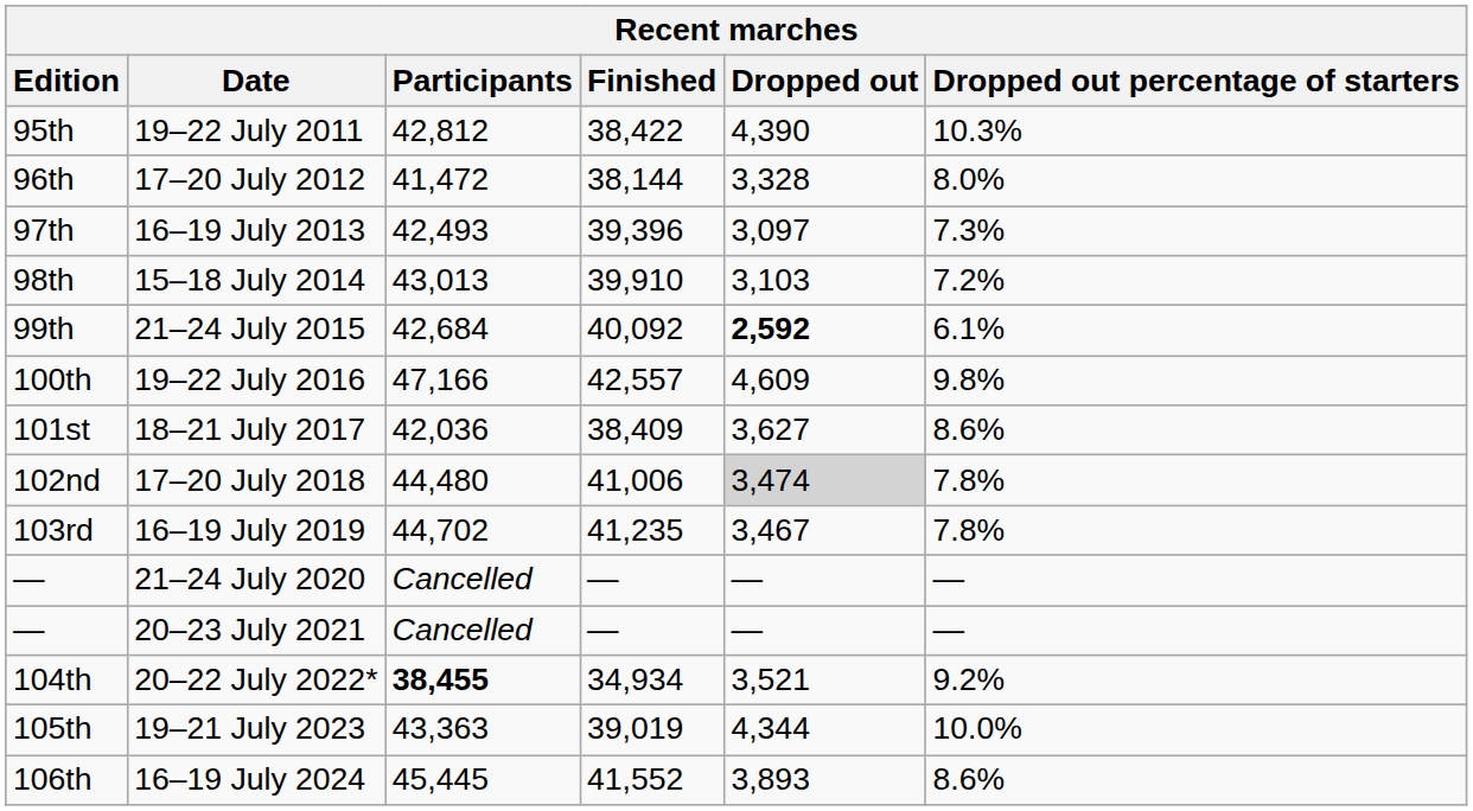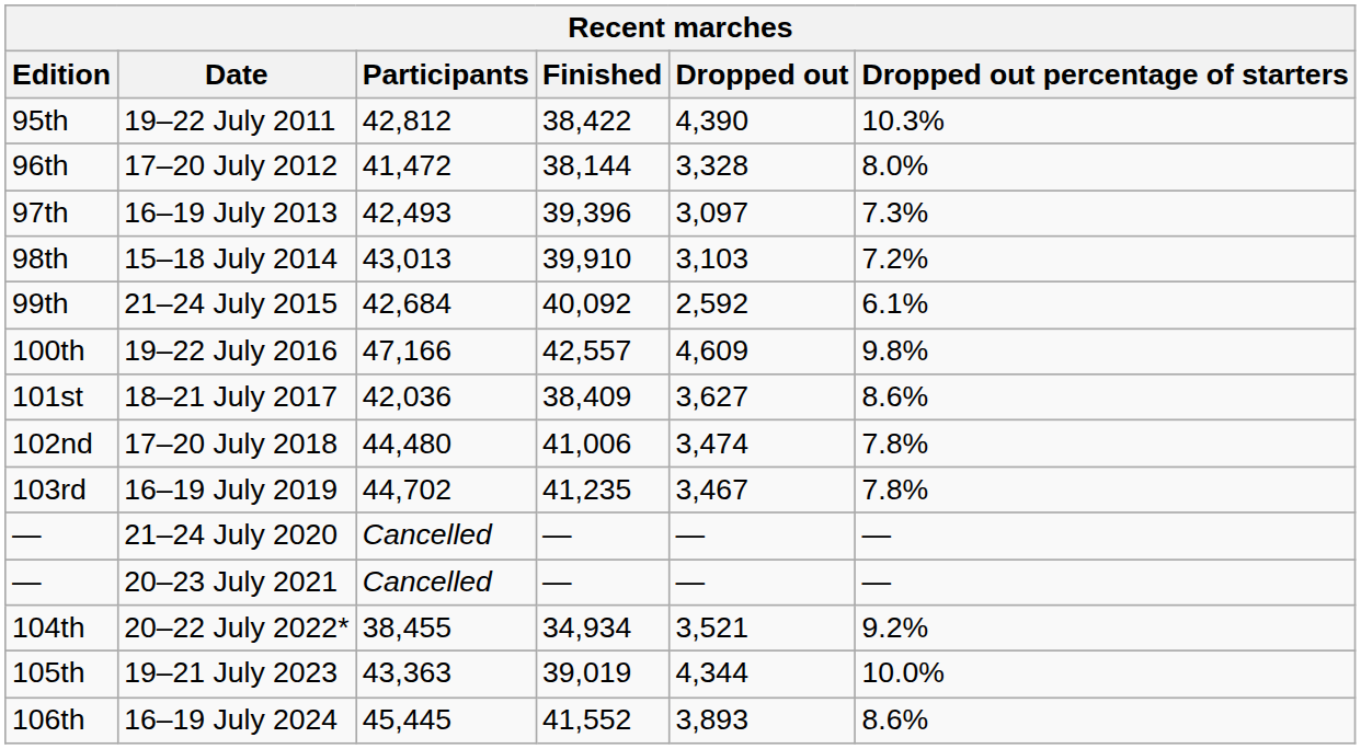 <table class="wikitable">
 <tr>
 <th colspan="6">Recent marches</th>
 </tr>
 <tr>
 <th>Edition</th>
 <th>Date</th>
 <th>Participants</th>
 <th>Finished </th>
 <th>Dropped out</th>
 <th>Dropped out percentage of starters</th>
 </tr>
 <tr>
 <td>95th</td>
 <td>19–22 July 2011</td>
 <td>42,812</td>
 <td>38,422</td>
 <td>4,390</td>
 <td>10.3%</td>
 </tr>
 <tr>
 <td>96th</td>
 <td>17–20 July 2012</td>
 <td>41,472</td>
 <td>38,144</td>
 <td>3,328</td>
 <td>8.0%</td>
 </tr>
 <tr>
 <td>97th</td>
 <td>16–19 July 2013</td>
 <td>42,493</td>
 <td>39,396</td>
 <td>3,097</td>
 <td>7.3%</td>
 </tr>
 <tr>
 <td>98th</td>
 <td>15–18 July 2014</td>
 <td>43,013</td>
 <td>39,910</td>
 <td>3,103</td>
 <td>7.2%</td>
 </tr>
 <tr>
 <td>99th</td>
 <td>21–24 July 2015</td>
 <td>42,684</td>
 <td>40,092</td>
-<td><strong>2,592</strong></td>
+<td>2,592</td>
 <td>6.1%</td>
 </tr>
 <tr>
 <td>100th</td>
 <td>19–22 July 2016</td>
 <td>47,166</td>
 <td>42,557</td>
 <td>4,609</td>
 <td>9.8%</td>
 </tr>
 <tr>
 <td>101st</td>
 <td>18–21 July 2017</td>
 <td>42,036</td>
 <td>38,409</td>
 <td>3,627</td>
 <td>8.6%</td>
 </tr>
 <tr>
 <td>102nd</td>
 <td>17–20 July 2018</td>
 <td>44,480</td>
 <td>41,006</td>
-<td style="background: lightgrey;">3,474</td>
+<td>3,474</td>
 <td>7.8%</td>
 </tr>
 <tr>
 <td>103rd</td>
 <td>16–19 July 2019</td>
 <td>44,702</td>
 <td>41,235</td>
 <td>3,467</td>
 <td>7.8%</td>
 </tr>
 <tr>
 <td>—</td>
 <td>21–24 July 2020</td>
 <td><em>Cancelled</em></td>
 <td>—</td>
 <td>—</td>
 <td>—</td>
 </tr>
 <tr>
 <td>—</td>
 <td>20–23 July 2021</td>
 <td><em>Cancelled</em></td>
 <td>—</td>
 <td>—</td>
 <td>—</td>
 </tr>
 <tr>
 <td>104th</td>
 <td>20–22 July 2022*</td>
-<td><strong>38,455</strong></td>
+<td>38,455</td>
 <td>34,934</td>
 <td>3,521</td>
 <td>9.2%</td>
 </tr>
 <tr>
 <td>105th</td>
 <td>19–21 July 2023</td>
 <td>43,363</td>
 <td>39,019</td>
 <td>4,344</td>
 <td>10.0%</td>
 </tr>
 <tr>
 <td>106th</td>
 <td>16–19 July 2024</td>
 <td>45,445</td>
 <td>41,552</td>
 <td>3,893</td>
 <td>8.6%</td>
 </tr>
 </table>
